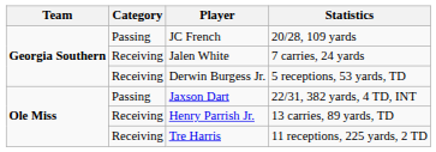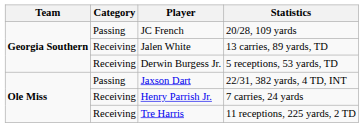 <table class="wikitable" style="float: right;">
 <tr>
 <th>Team</th>
 <th>Category</th>
 <th>Player</th>
 <th>Statistics</th>
 </tr>
 <tr>
 <td rowspan=3><strong>Georgia Southern</strong></td>
 <td>Passing</td>
 <td>JC French</td>
 <td>20/28, 109 yards</td>
 </tr>
 <tr>
 <td>Receiving</td>
 <td>Jalen White</td>
-<td>7 carries, 24 yards</td>
+<td>13 carries, 89 yards, TD</td>
 </tr>
 <tr>
 <td>Receiving</td>
 <td>Derwin Burgess Jr.</td>
 <td>5 receptions, 53 yards, TD</td>
 </tr>
 <tr>
 <td rowspan=3><strong>Ole Miss</strong></td>
 <td>Passing</td>
 <td><a href='#'>Jaxson Dart</a></td>
 <td>22/31, 382 yards, 4 TD, INT</td>
 </tr>
 <tr>
 <td>Receiving</td>
 <td><a href='#'>Henry Parrish Jr.</a></td>
-<td>13 carries, 89 yards, TD</td>
+<td>7 carries, 24 yards</td>
 </tr>
 <tr>
 <td>Receiving</td>
 <td><a href='#'>Tre Harris</a></td>
 <td>11 receptions, 225 yards, 2 TD</td>
 </tr>
 </table>
